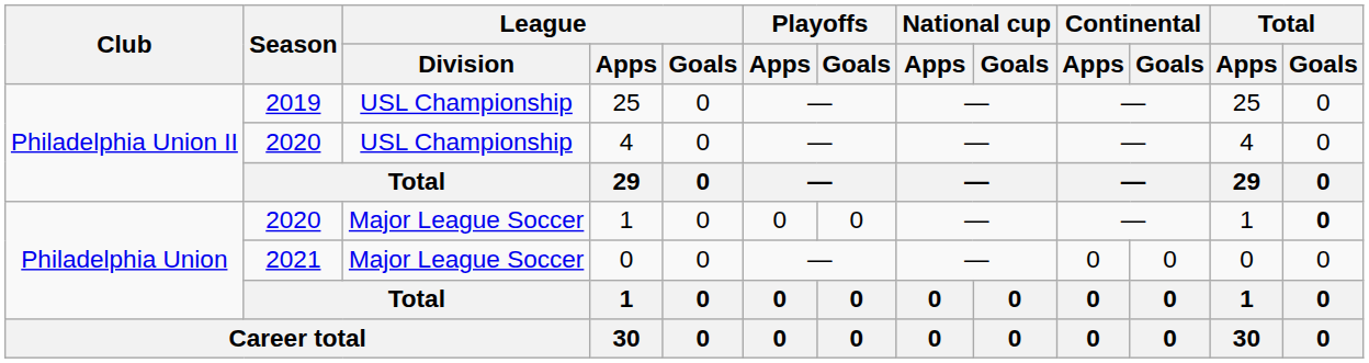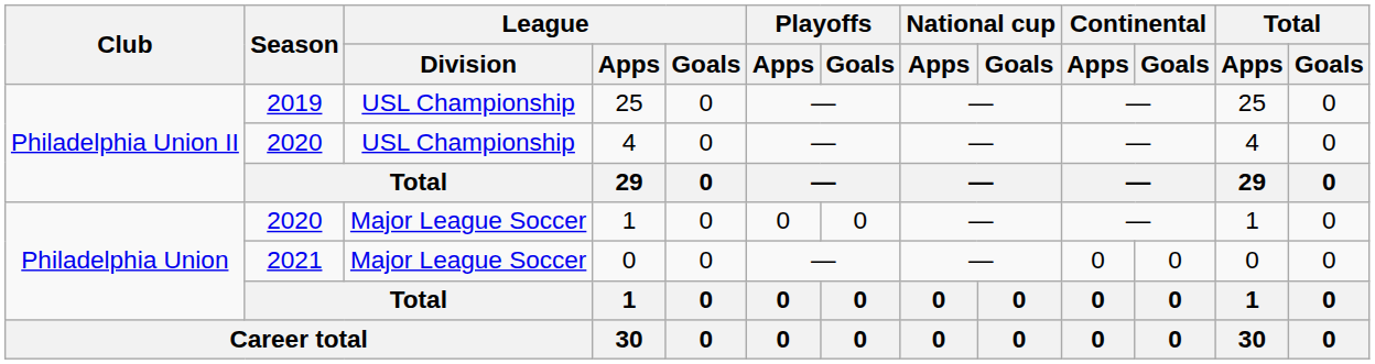 <table class=wikitable style=text-align:center>
 <tr>
 <th rowspan=2>Club</th>
 <th rowspan=2>Season</th>
 <th colspan=3>League</th>
 <th colspan=2>Playoffs</th>
 <th colspan=2>National cup</th>
 <th colspan=2>Continental</th>
 <th colspan=2>Total</th>
 </tr>
 <tr>
 <th>Division</th>
 <th>Apps</th>
 <th>Goals</th>
 <th>Apps</th>
 <th>Goals</th>
 <th>Apps</th>
 <th>Goals</th>
 <th>Apps</th>
 <th>Goals</th>
 <th>Apps</th>
 <th>Goals</th>
 </tr>
 <tr>
 <td rowspan=3><a href='#'>Philadelphia Union II</a></td>
 <td><a href='#'>2019</a></td>
 <td><a href='#'>USL Championship</a></td>
 <td>25</td>
 <td>0</td>
 <td colspan=2>—</td>
 <td colspan=2>—</td>
 <td colspan=2>—</td>
 <td>25</td>
 <td>0</td>
 </tr>
 <tr>
 <td><a href='#'>2020</a></td>
 <td><a href='#'>USL Championship</a></td>
 <td>4</td>
 <td>0</td>
 <td colspan=2>—</td>
 <td colspan=2>—</td>
 <td colspan=2>—</td>
 <td>4</td>
 <td>0</td>
 </tr>
 <tr>
 <th colspan=2>Total</th>
 <th>29</th>
 <th>0</th>
 <th colspan=2>—</th>
 <th colspan=2>—</th>
 <th colspan=2>—</th>
 <th>29</th>
 <th>0</th>
 </tr>
 <tr>
 <td rowspan=3><a href='#'>Philadelphia Union</a></td>
 <td><a href='#'>2020</a></td>
 <td><a href='#'>Major League Soccer</a></td>
 <td>1</td>
 <td>0</td>
 <td>0</td>
 <td>0</td>
 <td colspan=2>—</td>
 <td colspan=2>—</td>
 <td>1</td>
-<td><strong>0</strong></td>
+<td>0</td>
 </tr>
 <tr>
 <td><a href='#'>2021</a></td>
 <td><a href='#'>Major League Soccer</a></td>
 <td>0</td>
 <td>0</td>
 <td colspan=2>—</td>
 <td colspan=2>—</td>
 <td>0</td>
 <td>0</td>
 <td>0</td>
 <td>0</td>
 </tr>
 <tr>
 <th colspan=2>Total</th>
 <th>1</th>
 <th>0</th>
 <th>0</th>
 <th>0</th>
 <th>0</th>
 <th>0</th>
 <th>0</th>
 <th>0</th>
 <th>1</th>
 <th>0</th>
 </tr>
 <tr>
 <th colspan=3>Career total</th>
 <th>30</th>
 <th>0</th>
 <th>0</th>
 <th>0</th>
 <th>0</th>
 <th>0</th>
 <th>0</th>
 <th>0</th>
 <th>30</th>
 <th>0</th>
 </tr>
 </table>
